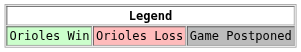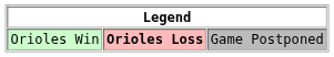 <table align="center" border="1" cellpadding="2" cellspacing="1" style="border:1px solid #aaa">
 <tr>
 <th colspan="3">Legend</th>
 </tr>
 <tr>
 <td style="background:#cfc;">Orioles Win</td>
-<td style="background:#fbb;">Orioles Loss</td>
+<td style="background:#fbb;"><strong>Orioles Loss</strong></td>
 <td style="background:#bbb;">Game Postponed</td>
 </tr>
 </table>
